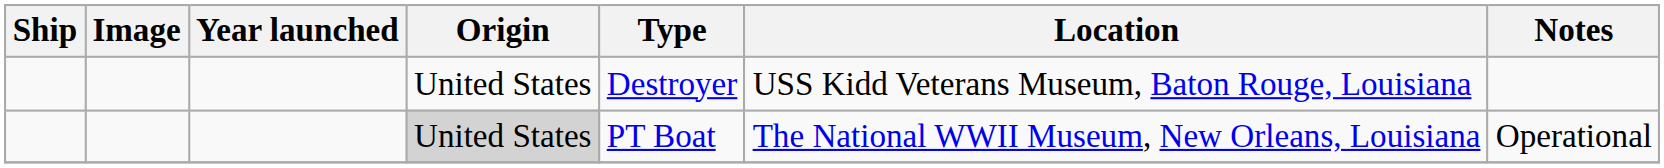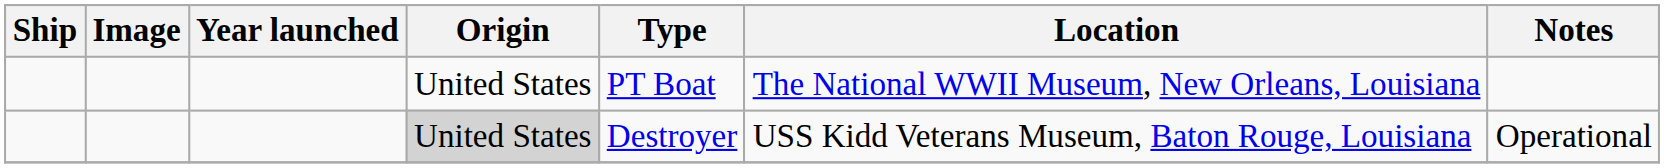 <table class="wikitable sortable">
 <tr>
 <th>Ship</th>
 <th>Image</th>
 <th>Year launched</th>
 <th>Origin</th>
 <th>Type</th>
 <th>Location</th>
 <th>Notes</th>
 </tr>
 <tr>
 <td data-sort-value=Kidd></td>
 <td></td>
 <td></td>
 <td> United States</td>
-<td><a href='#'>Destroyer</a></td>
-<td>USS Kidd Veterans Museum, <a href='#'>Baton Rouge, Louisiana</a><br></td>
+<td><a href='#'>PT Boat</a></td>
+<td><a href='#'>The National WWII Museum</a>, <a href='#'>New Orleans, Louisiana</a><br></td>
 <td></td>
 </tr>
 <tr>
 <td data-sort-value=PT-305></td>
 <td></td>
 <td></td>
 <td style="background: lightgrey;"> United States</td>
-<td><a href='#'>PT Boat</a></td>
-<td><a href='#'>The National WWII Museum</a>, <a href='#'>New Orleans, Louisiana</a><br></td>
+<td><a href='#'>Destroyer</a></td>
+<td>USS Kidd Veterans Museum, <a href='#'>Baton Rouge, Louisiana</a><br></td>
 <td>Operational</td>
 </tr>
 <tr>
 </tr>
 </table>
